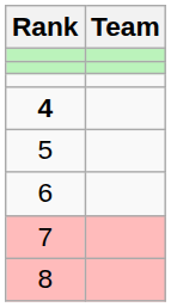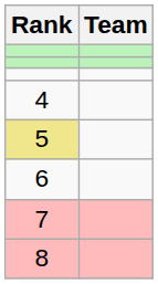 <table class=wikitable style="text-align:center;">
 <tr>
 <th>Rank</th>
 <th>Team</th>
 </tr>
 <tr style="background: #BBF3BB;">
 <td></td>
 <td align=left></td>
 </tr>
 <tr style="background: #BBF3BB;">
 <td></td>
 <td align=left></td>
 </tr>
 <tr>
 <td></td>
 <td align=left></td>
 </tr>
 <tr>
-<td><strong>4</strong></td>
+<td>4</td>
 <td align=left></td>
 </tr>
 <tr>
-<td>5</td>
+<td style="background: khaki;">5</td>
 <td align=left></td>
 </tr>
 <tr>
 <td>6</td>
 <td align=left></td>
 </tr>
 <tr bgcolor=ffbbbb>
 <td>7</td>
 <td align=left></td>
 </tr>
 <tr bgcolor=ffbbbb>
 <td>8</td>
 <td align=left></td>
 </tr>
 </table>
